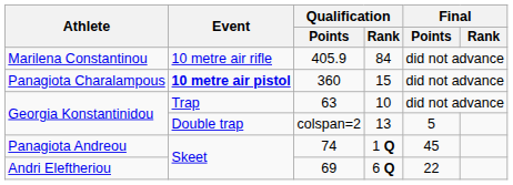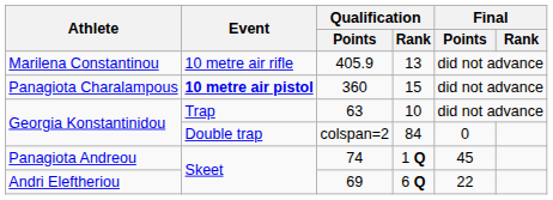 <table class="wikitable" style="font-size:90%">
 <tr>
 <th rowspan=2>Athlete</th>
 <th rowspan=2>Event</th>
 <th colspan=2>Qualification</th>
 <th colspan=2>Final</th>
 </tr>
 <tr style="font-size:95%">
 <th>Points</th>
 <th>Rank</th>
 <th>Points</th>
 <th>Rank</th>
 </tr>
 <tr align=center>
 <td align=left><a href='#'>Marilena Constantinou</a></td>
 <td align=left><a href='#'>10 metre air rifle</a></td>
 <td>405.9</td>
-<td>84</td>
+<td>13</td>
 <td colspan=2>did not advance</td>
 </tr>
 <tr align=center>
 <td align=left><a href='#'>Panagiota Charalampous</a></td>
 <td align=left><strong><a href='#'>10 metre air pistol</a></strong></td>
 <td>360</td>
 <td>15</td>
 <td colspan=2>did not advance</td>
 </tr>
 <tr align=center>
 <td align=left rowspan=2><a href='#'>Georgia Konstantinidou</a></td>
 <td align=left><a href='#'>Trap</a></td>
 <td>63</td>
 <td>10</td>
 <td colspan=2>did not advance</td>
 </tr>
 <tr align=center>
 <td align=left><a href='#'>Double trap</a></td>
 <td>colspan=2 </td>
-<td>13</td>
-<td>5</td>
+<td>84</td>
+<td>0</td>
 </tr>
 <tr align=center>
 <td align=left><a href='#'>Panagiota Andreou</a></td>
 <td align=left rowspan=2><a href='#'>Skeet</a></td>
 <td>74</td>
 <td>1 <strong>Q</strong></td>
 <td>45</td>
 <td></td>
 </tr>
 <tr align=center>
 <td align=left><a href='#'>Andri Eleftheriou</a></td>
 <td>69</td>
 <td>6 <strong>Q</strong></td>
 <td>22</td>
 <td></td>
 </tr>
 </table>
